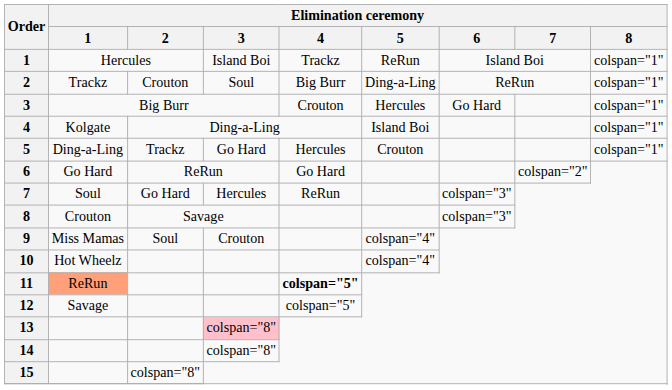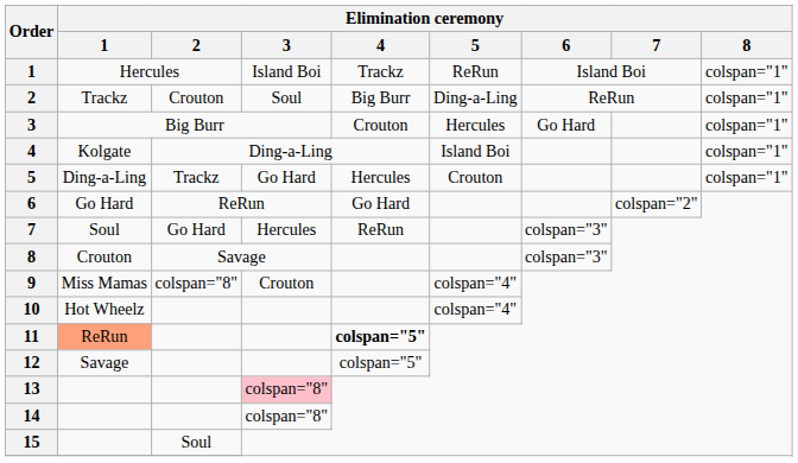 <table class="wikitable nowrap" style="text-align:center">
 <tr>
 <th rowspan="2">Order</th>
 <th colspan="8">Elimination ceremony</th>
 </tr>
 <tr>
 <th>1</th>
 <th>2</th>
 <th>3</th>
 <th>4</th>
 <th>5</th>
 <th>6</th>
 <th>7</th>
 <th>8</th>
 </tr>
 <tr>
 <th>1</th>
 <td colspan="2">Hercules</td>
 <td>Island Boi</td>
 <td>Trackz</td>
 <td>ReRun</td>
 <td colspan="2">Island Boi</td>
 <td>colspan="1" </td>
 </tr>
 <tr>
 <th>2</th>
 <td>Trackz</td>
 <td>Crouton</td>
 <td>Soul</td>
 <td>Big Burr</td>
 <td>Ding-a-Ling</td>
 <td colspan="2">ReRun</td>
 <td>colspan="1" </td>
 </tr>
 <tr>
 <th>3</th>
 <td colspan="3">Big Burr</td>
 <td>Crouton</td>
 <td>Hercules</td>
 <td>Go Hard</td>
 <td></td>
 <td>colspan="1" </td>
 </tr>
 <tr>
 <th>4</th>
 <td>Kolgate</td>
 <td colspan="3">Ding-a-Ling</td>
 <td>Island Boi</td>
 <td></td>
 <td></td>
 <td>colspan="1" </td>
 </tr>
 <tr>
 <th>5</th>
 <td>Ding-a-Ling</td>
 <td>Trackz</td>
 <td>Go Hard</td>
 <td>Hercules</td>
 <td>Crouton</td>
 <td></td>
 <td></td>
 <td>colspan="1" </td>
 </tr>
 <tr>
 <th>6</th>
 <td>Go Hard</td>
 <td colspan="2">ReRun</td>
 <td>Go Hard</td>
 <td></td>
 <td></td>
 <td>colspan="2" </td>
 </tr>
 <tr>
 <th>7</th>
 <td>Soul</td>
 <td>Go Hard</td>
 <td>Hercules</td>
 <td>ReRun</td>
 <td></td>
 <td>colspan="3" </td>
 </tr>
 <tr>
 <th>8</th>
 <td>Crouton</td>
 <td colspan="2">Savage</td>
 <td></td>
 <td></td>
 <td>colspan="3" </td>
 </tr>
 <tr>
 <th>9</th>
 <td>Miss Mamas</td>
-<td>Soul</td>
+<td>colspan="8" </td>
 <td>Crouton</td>
 <td></td>
 <td>colspan="4" </td>
 </tr>
 <tr>
 <th>10</th>
 <td>Hot Wheelz</td>
 <td></td>
 <td></td>
 <td></td>
 <td>colspan="4" </td>
 </tr>
 <tr>
 <th>11</th>
 <td style="background: lightsalmon;">ReRun</td>
 <td></td>
 <td></td>
 <td><strong>colspan="5" </strong></td>
 </tr>
 <tr>
 <th>12</th>
 <td>Savage</td>
 <td></td>
 <td></td>
 <td>colspan="5" </td>
 </tr>
 <tr>
 <th>13</th>
 <td></td>
 <td></td>
 <td style="background: pink;">colspan="8" </td>
 </tr>
 <tr>
 <th>14</th>
 <td></td>
 <td></td>
 <td>colspan="8" </td>
 </tr>
 <tr>
 <th>15</th>
 <td></td>
-<td>colspan="8" </td>
+<td>Soul</td>
 </tr>
 <tr>
 </tr>
 </table>
